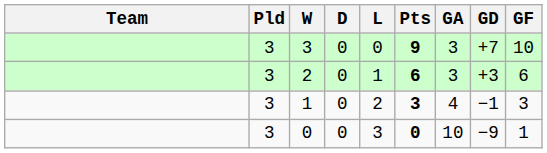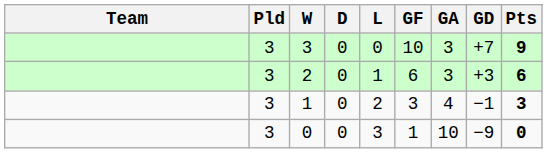 <table class="wikitable" style="text-align:center;">
 <tr>
 <th width=175>Team</th>
 <th width=20 abbr="Played">Pld</th>
 <th width=20 abbr="Won">W</th>
 <th width=20 abbr="Drawn">D</th>
 <th width=20 abbr="Lost">L</th>
-<th width=20 abbr="Points">Pts</th>
+<th width=20 abbr="Goals for">GF</th>
 <th width=20 abbr="Goals against">GA</th>
 <th width=20 abbr="Goal difference">GD</th>
-<th width=20 abbr="Goals for">GF</th>
+<th width=20 abbr="Points">Pts</th>
 </tr>
 <tr bgcolor=ccffcc>
 <td align=left></td>
 <td>3</td>
 <td>3</td>
 <td>0</td>
 <td>0</td>
-<td><strong>9</strong></td>
+<td>10</td>
 <td>3</td>
 <td>+7</td>
-<td>10</td>
+<td><strong>9</strong></td>
 </tr>
 <tr bgcolor=ccffcc>
 <td align=left></td>
 <td>3</td>
 <td>2</td>
 <td>0</td>
 <td>1</td>
-<td><strong>6</strong></td>
+<td>6</td>
 <td>3</td>
 <td>+3</td>
-<td>6</td>
+<td><strong>6</strong></td>
 </tr>
 <tr bgcolor=>
 <td align=left></td>
 <td>3</td>
 <td>1</td>
 <td>0</td>
 <td>2</td>
-<td><strong>3</strong></td>
+<td>3</td>
 <td>4</td>
 <td>−1</td>
-<td>3</td>
+<td><strong>3</strong></td>
 </tr>
 <tr bgcolor=>
 <td align=left></td>
 <td>3</td>
 <td>0</td>
 <td>0</td>
 <td>3</td>
-<td><strong>0</strong></td>
+<td>1</td>
 <td>10</td>
 <td>−9</td>
-<td>1</td>
+<td><strong>0</strong></td>
 </tr>
 </table>
